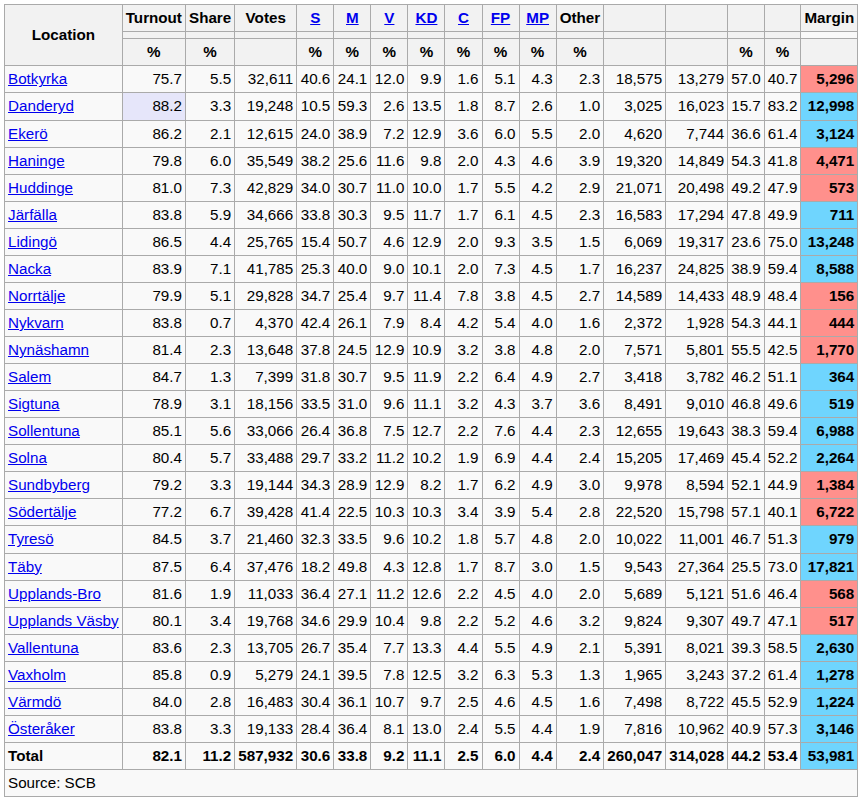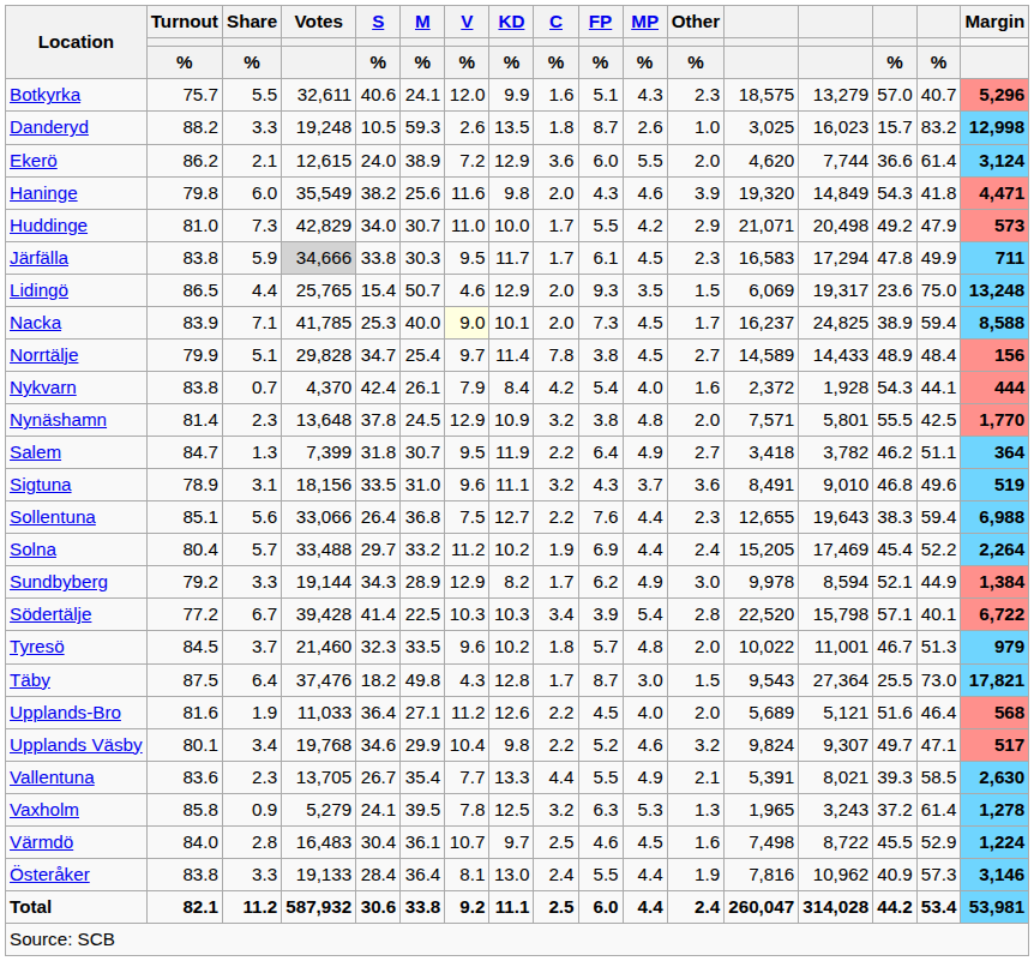 <table class="wikitable sortable" style="text-align:right; font-size:95%; line-height:20px;">
 <tr>
 <th rowspan="3">Location</th>
 <th>Turnout</th>
 <th>Share</th>
 <th>Votes</th>
 <th width="30px" class="unsortable"><a href='#'>S</a></th>
 <th width="30px" class="unsortable"><a href='#'>M</a></th>
 <th width="30px" class="unsortable"><a href='#'>V</a></th>
 <th width="30px" class="unsortable"><a href='#'>KD</a></th>
 <th width="30px" class="unsortable"><a href='#'>C</a></th>
 <th width="30px" class="unsortable"><a href='#'>FP</a></th>
 <th width="30px" class="unsortable"><a href='#'>MP</a></th>
 <th width="30px" class="unsortable">Other</th>
 <th></th>
 <th></th>
 <th></th>
 <th></th>
 <th>Margin</th>
 </tr>
 <tr>
 <th></th>
 <th></th>
 <th></th>
 <th style="background:"></th>
 <th style="background:"></th>
 <th style="background:"></th>
 <th style="background:"></th>
 <th style="background:"></th>
 <th style="background:"></th>
 <th style="background:"></th>
 <th style="background:"></th>
 <th style="background:"></th>
 <th style="background:"></th>
 <th style="background:"></th>
 <th style="background:"></th>
 </tr>
 <tr>
 <th data-sort-type="number">%</th>
 <th data-sort-type="number">%</th>
 <th></th>
 <th data-sort-type="number">%</th>
 <th data-sort-type="number">%</th>
 <th data-sort-type="number">%</th>
 <th data-sort-type="number">%</th>
 <th data-sort-type="number">%</th>
 <th data-sort-type="number">%</th>
 <th data-sort-type="number">%</th>
 <th data-sort-type="number">%</th>
 <th data-sort-type="number"></th>
 <th data-sort-type="number"></th>
 <th data-sort-type="number">%</th>
 <th data-sort-type="number">%</th>
 <th data-sort-type="number"></th>
 </tr>
 <tr>
 <td align=left><a href='#'>Botkyrka</a></td>
 <td>75.7</td>
 <td>5.5</td>
 <td>32,611</td>
 <td>40.6</td>
 <td>24.1</td>
 <td>12.0</td>
 <td>9.9</td>
 <td>1.6</td>
 <td>5.1</td>
 <td>4.3</td>
 <td>2.3</td>
 <td>18,575</td>
 <td>13,279</td>
 <td>57.0</td>
 <td>40.7</td>
 <td bgcolor=#ff908c><strong>5,296</strong></td>
 </tr>
 <tr>
 <td align=left><a href='#'>Danderyd</a></td>
-<td style="background: lavender;">88.2</td>
+<td>88.2</td>
 <td>3.3</td>
 <td>19,248</td>
 <td>10.5</td>
 <td>59.3</td>
 <td>2.6</td>
 <td>13.5</td>
 <td>1.8</td>
 <td>8.7</td>
 <td>2.6</td>
 <td>1.0</td>
 <td>3,025</td>
 <td>16,023</td>
 <td>15.7</td>
 <td>83.2</td>
 <td bgcolor=#6fd5fe><strong>12,998</strong></td>
 </tr>
 <tr>
 <td align=left><a href='#'>Ekerö</a></td>
 <td>86.2</td>
 <td>2.1</td>
 <td>12,615</td>
 <td>24.0</td>
 <td>38.9</td>
 <td>7.2</td>
 <td>12.9</td>
 <td>3.6</td>
 <td>6.0</td>
 <td>5.5</td>
 <td>2.0</td>
 <td>4,620</td>
 <td>7,744</td>
 <td>36.6</td>
 <td>61.4</td>
 <td bgcolor=#6fd5fe><strong>3,124</strong></td>
 </tr>
 <tr>
 <td align=left><a href='#'>Haninge</a></td>
 <td>79.8</td>
 <td>6.0</td>
 <td>35,549</td>
 <td>38.2</td>
 <td>25.6</td>
 <td>11.6</td>
 <td>9.8</td>
 <td>2.0</td>
 <td>4.3</td>
 <td>4.6</td>
 <td>3.9</td>
 <td>19,320</td>
 <td>14,849</td>
 <td>54.3</td>
 <td>41.8</td>
 <td bgcolor=#ff908c><strong>4,471</strong></td>
 </tr>
 <tr>
 <td align=left><a href='#'>Huddinge</a></td>
 <td>81.0</td>
 <td>7.3</td>
 <td>42,829</td>
 <td>34.0</td>
 <td>30.7</td>
 <td>11.0</td>
 <td>10.0</td>
 <td>1.7</td>
 <td>5.5</td>
 <td>4.2</td>
 <td>2.9</td>
 <td>21,071</td>
 <td>20,498</td>
 <td>49.2</td>
 <td>47.9</td>
 <td bgcolor=#ff908c><strong>573</strong></td>
 </tr>
 <tr>
 <td align=left><a href='#'>Järfälla</a></td>
 <td>83.8</td>
 <td>5.9</td>
-<td>34,666</td>
+<td style="background: lightgrey;">34,666</td>
 <td>33.8</td>
 <td>30.3</td>
 <td>9.5</td>
 <td>11.7</td>
 <td>1.7</td>
 <td>6.1</td>
 <td>4.5</td>
 <td>2.3</td>
 <td>16,583</td>
 <td>17,294</td>
 <td>47.8</td>
 <td>49.9</td>
 <td bgcolor=#6fd5fe><strong>711</strong></td>
 </tr>
 <tr>
 <td align=left><a href='#'>Lidingö</a></td>
 <td>86.5</td>
 <td>4.4</td>
 <td>25,765</td>
 <td>15.4</td>
 <td>50.7</td>
 <td>4.6</td>
 <td>12.9</td>
 <td>2.0</td>
 <td>9.3</td>
 <td>3.5</td>
 <td>1.5</td>
 <td>6,069</td>
 <td>19,317</td>
 <td>23.6</td>
 <td>75.0</td>
 <td bgcolor=#6fd5fe><strong>13,248</strong></td>
 </tr>
 <tr>
 <td align=left><a href='#'>Nacka</a></td>
 <td>83.9</td>
 <td>7.1</td>
 <td>41,785</td>
 <td>25.3</td>
 <td>40.0</td>
-<td>9.0</td>
+<td style="background: lightyellow;">9.0</td>
 <td>10.1</td>
 <td>2.0</td>
 <td>7.3</td>
 <td>4.5</td>
 <td>1.7</td>
 <td>16,237</td>
 <td>24,825</td>
 <td>38.9</td>
 <td>59.4</td>
 <td bgcolor=#6fd5fe><strong>8,588</strong></td>
 </tr>
 <tr>
 <td align=left><a href='#'>Norrtälje</a></td>
 <td>79.9</td>
 <td>5.1</td>
 <td>29,828</td>
 <td>34.7</td>
 <td>25.4</td>
 <td>9.7</td>
 <td>11.4</td>
 <td>7.8</td>
 <td>3.8</td>
 <td>4.5</td>
 <td>2.7</td>
 <td>14,589</td>
 <td>14,433</td>
 <td>48.9</td>
 <td>48.4</td>
 <td bgcolor=#ff908c><strong>156</strong></td>
 </tr>
 <tr>
 <td align=left><a href='#'>Nykvarn</a></td>
 <td>83.8</td>
 <td>0.7</td>
 <td>4,370</td>
 <td>42.4</td>
 <td>26.1</td>
 <td>7.9</td>
 <td>8.4</td>
 <td>4.2</td>
 <td>5.4</td>
 <td>4.0</td>
 <td>1.6</td>
 <td>2,372</td>
 <td>1,928</td>
 <td>54.3</td>
 <td>44.1</td>
 <td bgcolor=#ff908c><strong>444</strong></td>
 </tr>
 <tr>
 <td align=left><a href='#'>Nynäshamn</a></td>
 <td>81.4</td>
 <td>2.3</td>
 <td>13,648</td>
 <td>37.8</td>
 <td>24.5</td>
 <td>12.9</td>
 <td>10.9</td>
 <td>3.2</td>
 <td>3.8</td>
 <td>4.8</td>
 <td>2.0</td>
 <td>7,571</td>
 <td>5,801</td>
 <td>55.5</td>
 <td>42.5</td>
 <td bgcolor=#ff908c><strong>1,770</strong></td>
 </tr>
 <tr>
 <td align=left><a href='#'>Salem</a></td>
 <td>84.7</td>
 <td>1.3</td>
 <td>7,399</td>
 <td>31.8</td>
 <td>30.7</td>
 <td>9.5</td>
 <td>11.9</td>
 <td>2.2</td>
 <td>6.4</td>
 <td>4.9</td>
 <td>2.7</td>
 <td>3,418</td>
 <td>3,782</td>
 <td>46.2</td>
 <td>51.1</td>
 <td bgcolor=#6fd5fe><strong>364</strong></td>
 </tr>
 <tr>
 <td align=left><a href='#'>Sigtuna</a></td>
 <td>78.9</td>
 <td>3.1</td>
 <td>18,156</td>
 <td>33.5</td>
 <td>31.0</td>
 <td>9.6</td>
 <td>11.1</td>
 <td>3.2</td>
 <td>4.3</td>
 <td>3.7</td>
 <td>3.6</td>
 <td>8,491</td>
 <td>9,010</td>
 <td>46.8</td>
 <td>49.6</td>
 <td bgcolor=#6fd5fe><strong>519</strong></td>
 </tr>
 <tr>
 <td align=left><a href='#'>Sollentuna</a></td>
 <td>85.1</td>
 <td>5.6</td>
 <td>33,066</td>
 <td>26.4</td>
 <td>36.8</td>
 <td>7.5</td>
 <td>12.7</td>
 <td>2.2</td>
 <td>7.6</td>
 <td>4.4</td>
 <td>2.3</td>
 <td>12,655</td>
 <td>19,643</td>
 <td>38.3</td>
 <td>59.4</td>
 <td bgcolor=#6fd5fe><strong>6,988</strong></td>
 </tr>
 <tr>
 <td align=left><a href='#'>Solna</a></td>
 <td>80.4</td>
 <td>5.7</td>
 <td>33,488</td>
 <td>29.7</td>
 <td>33.2</td>
 <td>11.2</td>
 <td>10.2</td>
 <td>1.9</td>
 <td>6.9</td>
 <td>4.4</td>
 <td>2.4</td>
 <td>15,205</td>
 <td>17,469</td>
 <td>45.4</td>
 <td>52.2</td>
 <td bgcolor=#6fd5fe><strong>2,264</strong></td>
 </tr>
 <tr>
 <td align=left><a href='#'>Sundbyberg</a></td>
 <td>79.2</td>
 <td>3.3</td>
 <td>19,144</td>
 <td>34.3</td>
 <td>28.9</td>
 <td>12.9</td>
 <td>8.2</td>
 <td>1.7</td>
 <td>6.2</td>
 <td>4.9</td>
 <td>3.0</td>
 <td>9,978</td>
 <td>8,594</td>
 <td>52.1</td>
 <td>44.9</td>
 <td bgcolor=#ff908c><strong>1,384</strong></td>
 </tr>
 <tr>
 <td align=left><a href='#'>Södertälje</a></td>
 <td>77.2</td>
 <td>6.7</td>
 <td>39,428</td>
 <td>41.4</td>
 <td>22.5</td>
 <td>10.3</td>
 <td>10.3</td>
 <td>3.4</td>
 <td>3.9</td>
 <td>5.4</td>
 <td>2.8</td>
 <td>22,520</td>
 <td>15,798</td>
 <td>57.1</td>
 <td>40.1</td>
 <td bgcolor=#ff908c><strong>6,722</strong></td>
 </tr>
 <tr>
 <td align=left><a href='#'>Tyresö</a></td>
 <td>84.5</td>
 <td>3.7</td>
 <td>21,460</td>
 <td>32.3</td>
 <td>33.5</td>
 <td>9.6</td>
 <td>10.2</td>
 <td>1.8</td>
 <td>5.7</td>
 <td>4.8</td>
 <td>2.0</td>
 <td>10,022</td>
 <td>11,001</td>
 <td>46.7</td>
 <td>51.3</td>
 <td bgcolor=#6fd5fe><strong>979</strong></td>
 </tr>
 <tr>
 <td align=left><a href='#'>Täby</a></td>
 <td>87.5</td>
 <td>6.4</td>
 <td>37,476</td>
 <td>18.2</td>
 <td>49.8</td>
 <td>4.3</td>
 <td>12.8</td>
 <td>1.7</td>
 <td>8.7</td>
 <td>3.0</td>
 <td>1.5</td>
 <td>9,543</td>
 <td>27,364</td>
 <td>25.5</td>
 <td>73.0</td>
 <td bgcolor=#6fd5fe><strong>17,821</strong></td>
 </tr>
 <tr>
 <td align=left><a href='#'>Upplands-Bro</a></td>
 <td>81.6</td>
 <td>1.9</td>
 <td>11,033</td>
 <td>36.4</td>
 <td>27.1</td>
 <td>11.2</td>
 <td>12.6</td>
 <td>2.2</td>
 <td>4.5</td>
 <td>4.0</td>
 <td>2.0</td>
 <td>5,689</td>
 <td>5,121</td>
 <td>51.6</td>
 <td>46.4</td>
 <td bgcolor=#ff908c><strong>568</strong></td>
 </tr>
 <tr>
 <td align=left><a href='#'>Upplands Väsby</a></td>
 <td>80.1</td>
 <td>3.4</td>
 <td>19,768</td>
 <td>34.6</td>
 <td>29.9</td>
 <td>10.4</td>
 <td>9.8</td>
 <td>2.2</td>
 <td>5.2</td>
 <td>4.6</td>
 <td>3.2</td>
 <td>9,824</td>
 <td>9,307</td>
 <td>49.7</td>
 <td>47.1</td>
 <td bgcolor=#ff908c><strong>517</strong></td>
 </tr>
 <tr>
 <td align=left><a href='#'>Vallentuna</a></td>
 <td>83.6</td>
 <td>2.3</td>
 <td>13,705</td>
 <td>26.7</td>
 <td>35.4</td>
 <td>7.7</td>
 <td>13.3</td>
 <td>4.4</td>
 <td>5.5</td>
 <td>4.9</td>
 <td>2.1</td>
 <td>5,391</td>
 <td>8,021</td>
 <td>39.3</td>
 <td>58.5</td>
 <td bgcolor=#6fd5fe><strong>2,630</strong></td>
 </tr>
 <tr>
 <td align=left><a href='#'>Vaxholm</a></td>
 <td>85.8</td>
 <td>0.9</td>
 <td>5,279</td>
 <td>24.1</td>
 <td>39.5</td>
 <td>7.8</td>
 <td>12.5</td>
 <td>3.2</td>
 <td>6.3</td>
 <td>5.3</td>
 <td>1.3</td>
 <td>1,965</td>
 <td>3,243</td>
 <td>37.2</td>
 <td>61.4</td>
 <td bgcolor=#6fd5fe><strong>1,278</strong></td>
 </tr>
 <tr>
 <td align=left><a href='#'>Värmdö</a></td>
 <td>84.0</td>
 <td>2.8</td>
 <td>16,483</td>
 <td>30.4</td>
 <td>36.1</td>
 <td>10.7</td>
 <td>9.7</td>
 <td>2.5</td>
 <td>4.6</td>
 <td>4.5</td>
 <td>1.6</td>
 <td>7,498</td>
 <td>8,722</td>
 <td>45.5</td>
 <td>52.9</td>
 <td bgcolor=#6fd5fe><strong>1,224</strong></td>
 </tr>
 <tr>
 <td align=left><a href='#'>Österåker</a></td>
 <td>83.8</td>
 <td>3.3</td>
 <td>19,133</td>
 <td>28.4</td>
 <td>36.4</td>
 <td>8.1</td>
 <td>13.0</td>
 <td>2.4</td>
 <td>5.5</td>
 <td>4.4</td>
 <td>1.9</td>
 <td>7,816</td>
 <td>10,962</td>
 <td>40.9</td>
 <td>57.3</td>
 <td bgcolor=#6fd5fe><strong>3,146</strong></td>
 </tr>
 <tr>
 <td align=left><strong>Total</strong></td>
 <td><strong>82.1</strong></td>
 <td><strong>11.2</strong></td>
 <td><strong>587,932</strong></td>
 <td><strong>30.6</strong></td>
 <td><strong>33.8</strong></td>
 <td><strong>9.2</strong></td>
 <td><strong>11.1</strong></td>
 <td><strong>2.5</strong></td>
 <td><strong>6.0</strong></td>
 <td><strong>4.4</strong></td>
 <td><strong>2.4</strong></td>
 <td><strong>260,047</strong></td>
 <td><strong>314,028</strong></td>
 <td><strong>44.2</strong></td>
 <td><strong>53.4</strong></td>
 <td bgcolor=#6fd5fe><strong>53,981</strong></td>
 </tr>
 <tr>
 <td align=left colspan=17>Source: SCB </td>
 </tr>
 </table>
